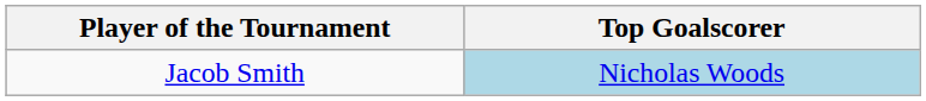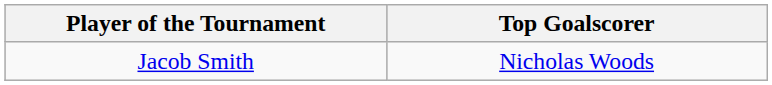 <table class=wikitable style="margin:auto; text-align:center">
 <tr>
 <th style="width: 250px;">Player of the Tournament</th>
 <th style="width: 250px;">Top Goalscorer</th>
 </tr>
 <tr>
 <td> <a href='#'>Jacob Smith</a></td>
-<td style="background: lightblue;"> <a href='#'>Nicholas Woods</a></td>
+<td> <a href='#'>Nicholas Woods</a></td>
 </tr>
 </table>
